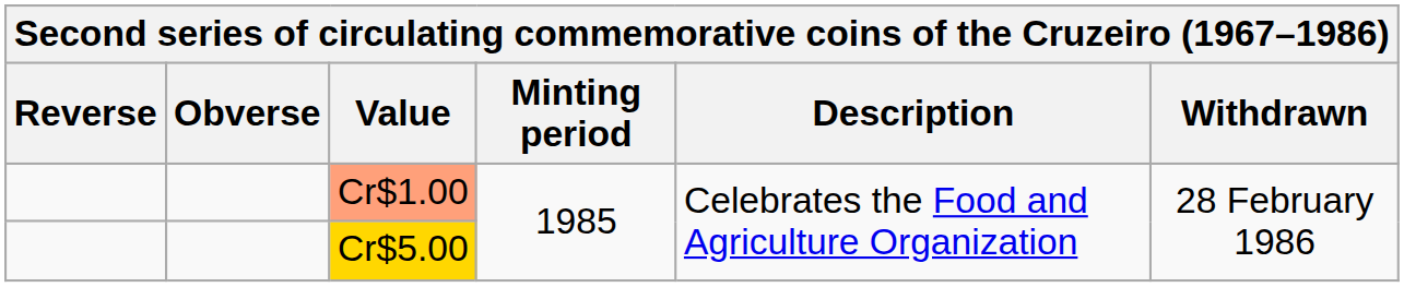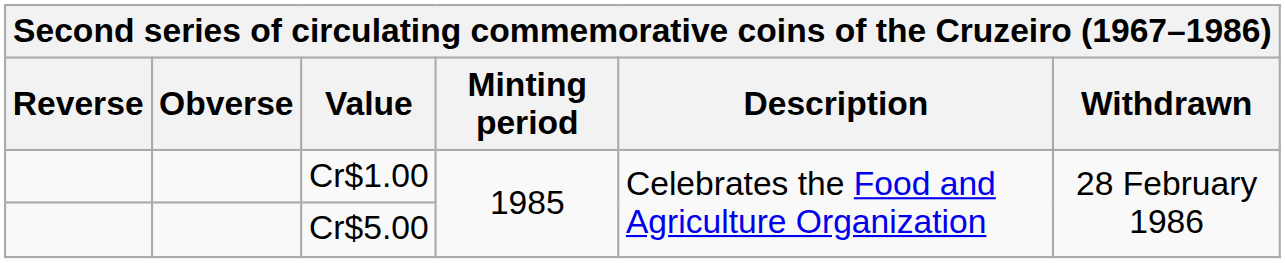 <table border="1" class="wikitable mw-collapsible">
 <tr>
 <th colspan="6">Second series of circulating commemorative coins of the Cruzeiro (1967–1986)</th>
 </tr>
 <tr>
 <th>Reverse</th>
 <th>Obverse</th>
 <th>Value</th>
 <th>Minting period</th>
 <th>Description</th>
 <th>Withdrawn</th>
 </tr>
 <tr>
 <td></td>
 <td></td>
-<td style="background: lightsalmon;">Cr$1.00</td>
+<td>Cr$1.00</td>
 <td rowspan="2" style="text-align: center;">1985</td>
 <td rowspan="2">Celebrates the <a href='#'>Food and Agriculture Organization</a></td>
 <td rowspan="2" style="text-align: center;">28 February 1986</td>
 </tr>
 <tr>
 <td></td>
 <td></td>
-<td style="background: gold;">Cr$5.00</td>
+<td>Cr$5.00</td>
 </tr>
 </table>
